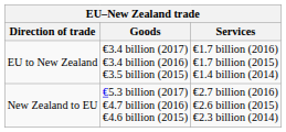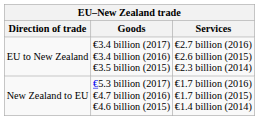 <table class="wikitable">
 <tr>
 <th colspan=5>EU–New Zealand trade</th>
 </tr>
 <tr>
 <th>Direction of trade</th>
 <th>Goods</th>
 <th>Services</th>
 </tr>
 <tr>
 <td>EU to New Zealand</td>
 <td>€3.4 billion (2017)<br>€3.4 billion (2016)<br>€3.5 billion (2015)</td>
-<td>€1.7 billion (2016)<br>€1.7 billion (2015)<br>€1.4 billion (2014)</td>
+<td>€2.7 billion (2016)<br>€2.6 billion (2015)<br>€2.3 billion (2014)</td>
 </tr>
 <tr>
 <td>New Zealand to EU</td>
 <td><a href='#'>€</a>5.3 billion (2017)<br>€4.7 billion (2016)<br>€4.6 billion (2015)</td>
-<td>€2.7 billion (2016)<br>€2.6 billion (2015)<br>€2.3 billion (2014)</td>
+<td>€1.7 billion (2016)<br>€1.7 billion (2015)<br>€1.4 billion (2014)</td>
 </tr>
 </table>
